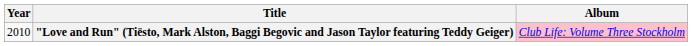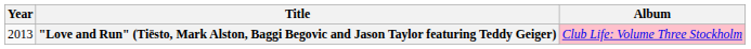 <table class="wikitable plainrowheaders">
 <tr>
 <th>Year</th>
 <th>Title</th>
 <th>Album</th>
 </tr>
 <tr>
-<td>2010</td>
+<td>2013</td>
 <th scope="row">"Love and Run" <span>(Tiësto, Mark Alston, Baggi Begovic and Jason Taylor featuring Teddy Geiger)</span></th>
 <td style="background: pink;"><em><a href='#'>Club Life: Volume Three Stockholm</a></em></td>
 </tr>
 </table>
